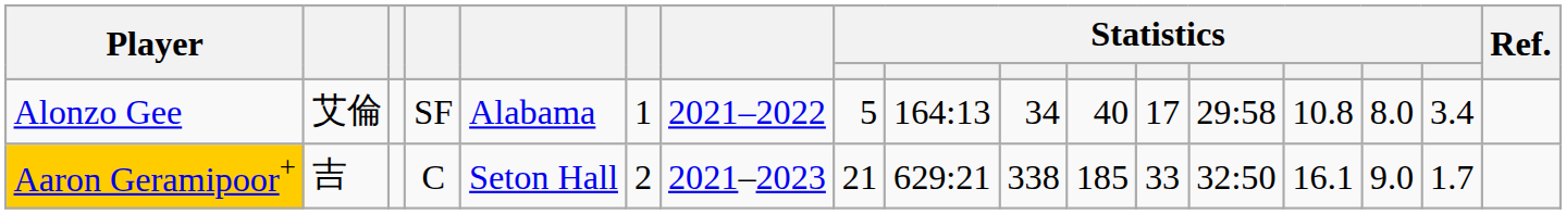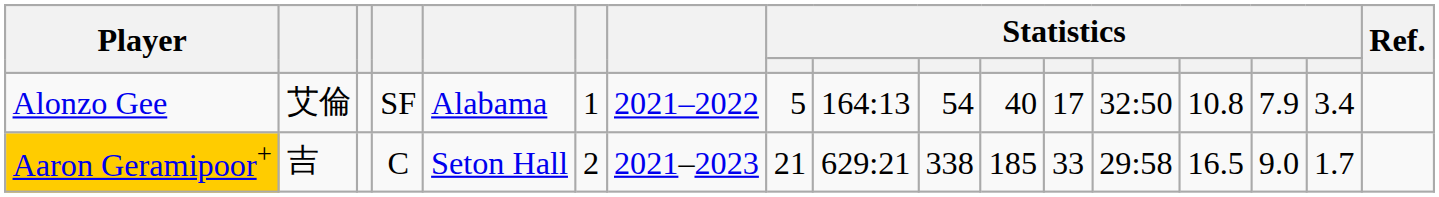 <table class="wikitable sortable" style="font-size:95%; text-align:right;">
 <tr>
 <th rowspan="2">Player</th>
 <th rowspan="2"></th>
 <th rowspan="2"></th>
 <th rowspan="2"></th>
 <th rowspan="2"></th>
 <th rowspan="2"></th>
 <th rowspan="2"></th>
 <th colspan="9">Statistics</th>
 <th rowspan="2">Ref.</th>
 </tr>
 <tr>
 <th></th>
 <th></th>
 <th></th>
 <th></th>
 <th></th>
 <th></th>
 <th></th>
 <th></th>
 <th></th>
 </tr>
 <tr>
 <td align="left"><a href='#'>Alonzo Gee</a></td>
 <td align="left">艾倫</td>
 <td align="center"></td>
 <td align="center">SF</td>
 <td align="left"><a href='#'>Alabama</a></td>
 <td align="center">1</td>
 <td align="center"><a href='#'>2021–2022</a></td>
 <td>5</td>
 <td>164:13</td>
-<td>34</td>
+<td>54</td>
 <td>40</td>
 <td>17</td>
-<td>29:58</td>
+<td>32:50</td>
 <td>10.8</td>
-<td>8.0</td>
+<td>7.9</td>
 <td>3.4</td>
 <td align="center"></td>
 </tr>
 <tr>
 <td align="left" bgcolor="#FFCC00"><a href='#'>Aaron Geramipoor</a><sup>+</sup></td>
 <td align="left">吉</td>
 <td align="center"></td>
 <td align="center">C</td>
 <td align="left"><a href='#'>Seton Hall</a></td>
 <td align="center">2</td>
 <td align="center"><a href='#'>2021</a>–<a href='#'>2023</a></td>
 <td>21</td>
 <td>629:21</td>
 <td>338</td>
 <td>185</td>
 <td>33</td>
-<td>32:50</td>
-<td>16.1</td>
+<td>29:58</td>
+<td>16.5</td>
 <td>9.0</td>
 <td>1.7</td>
 <td align="center"></td>
 </tr>
 </table>
